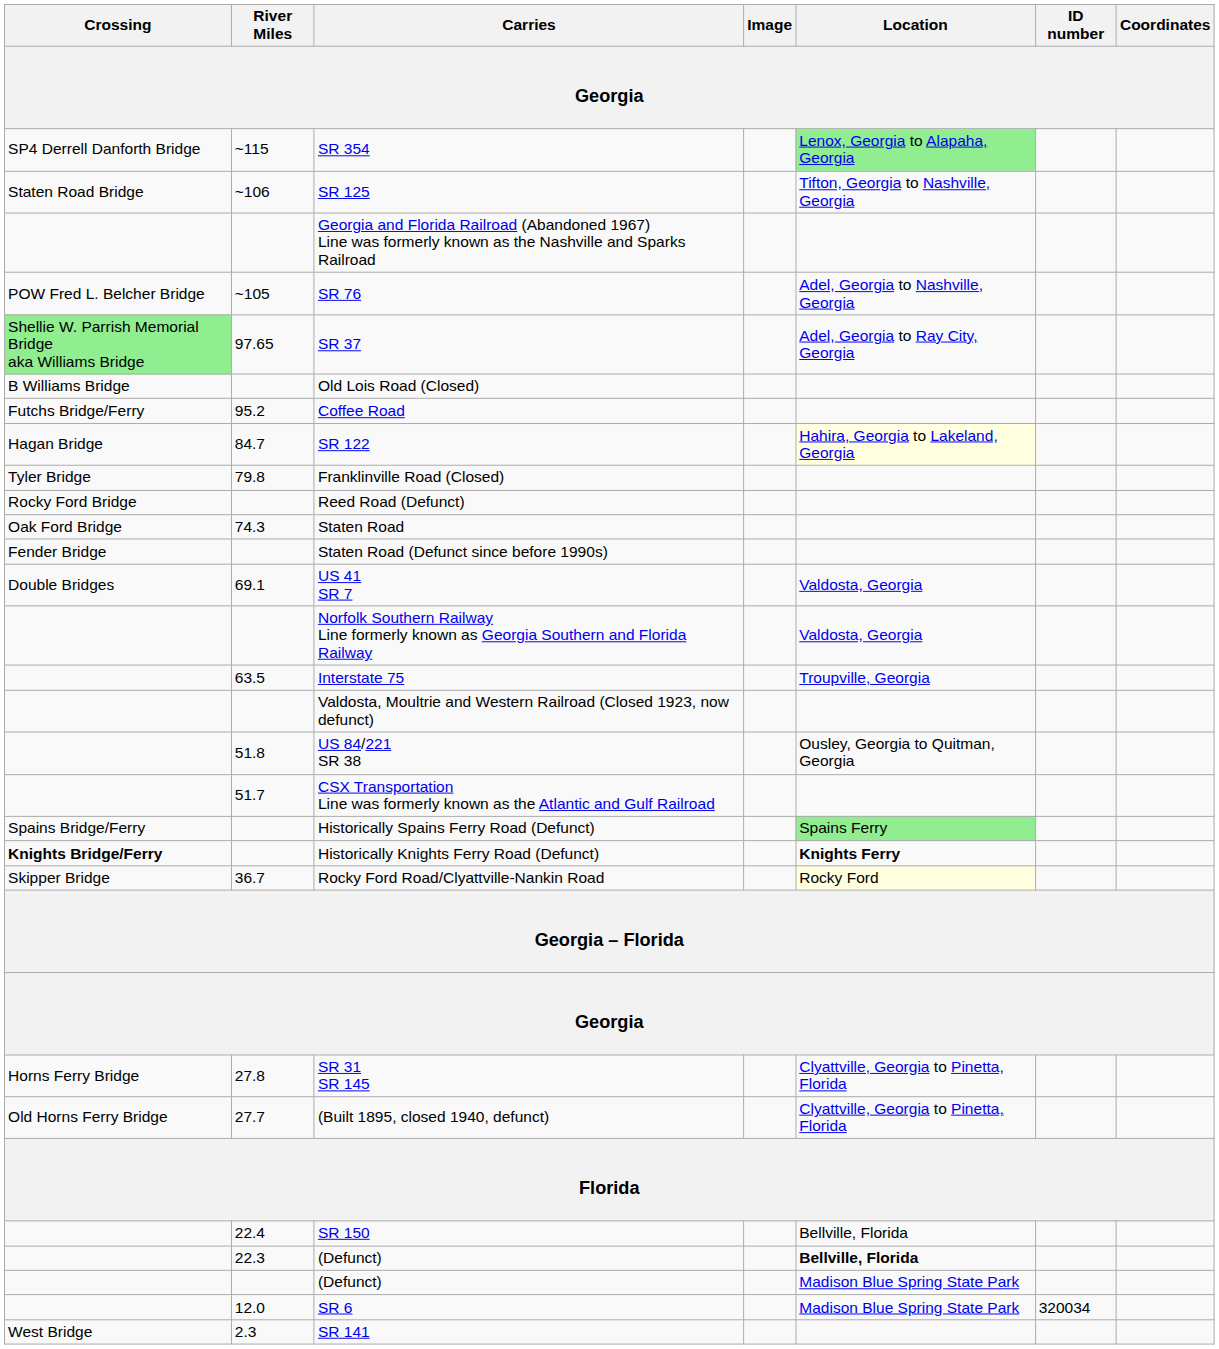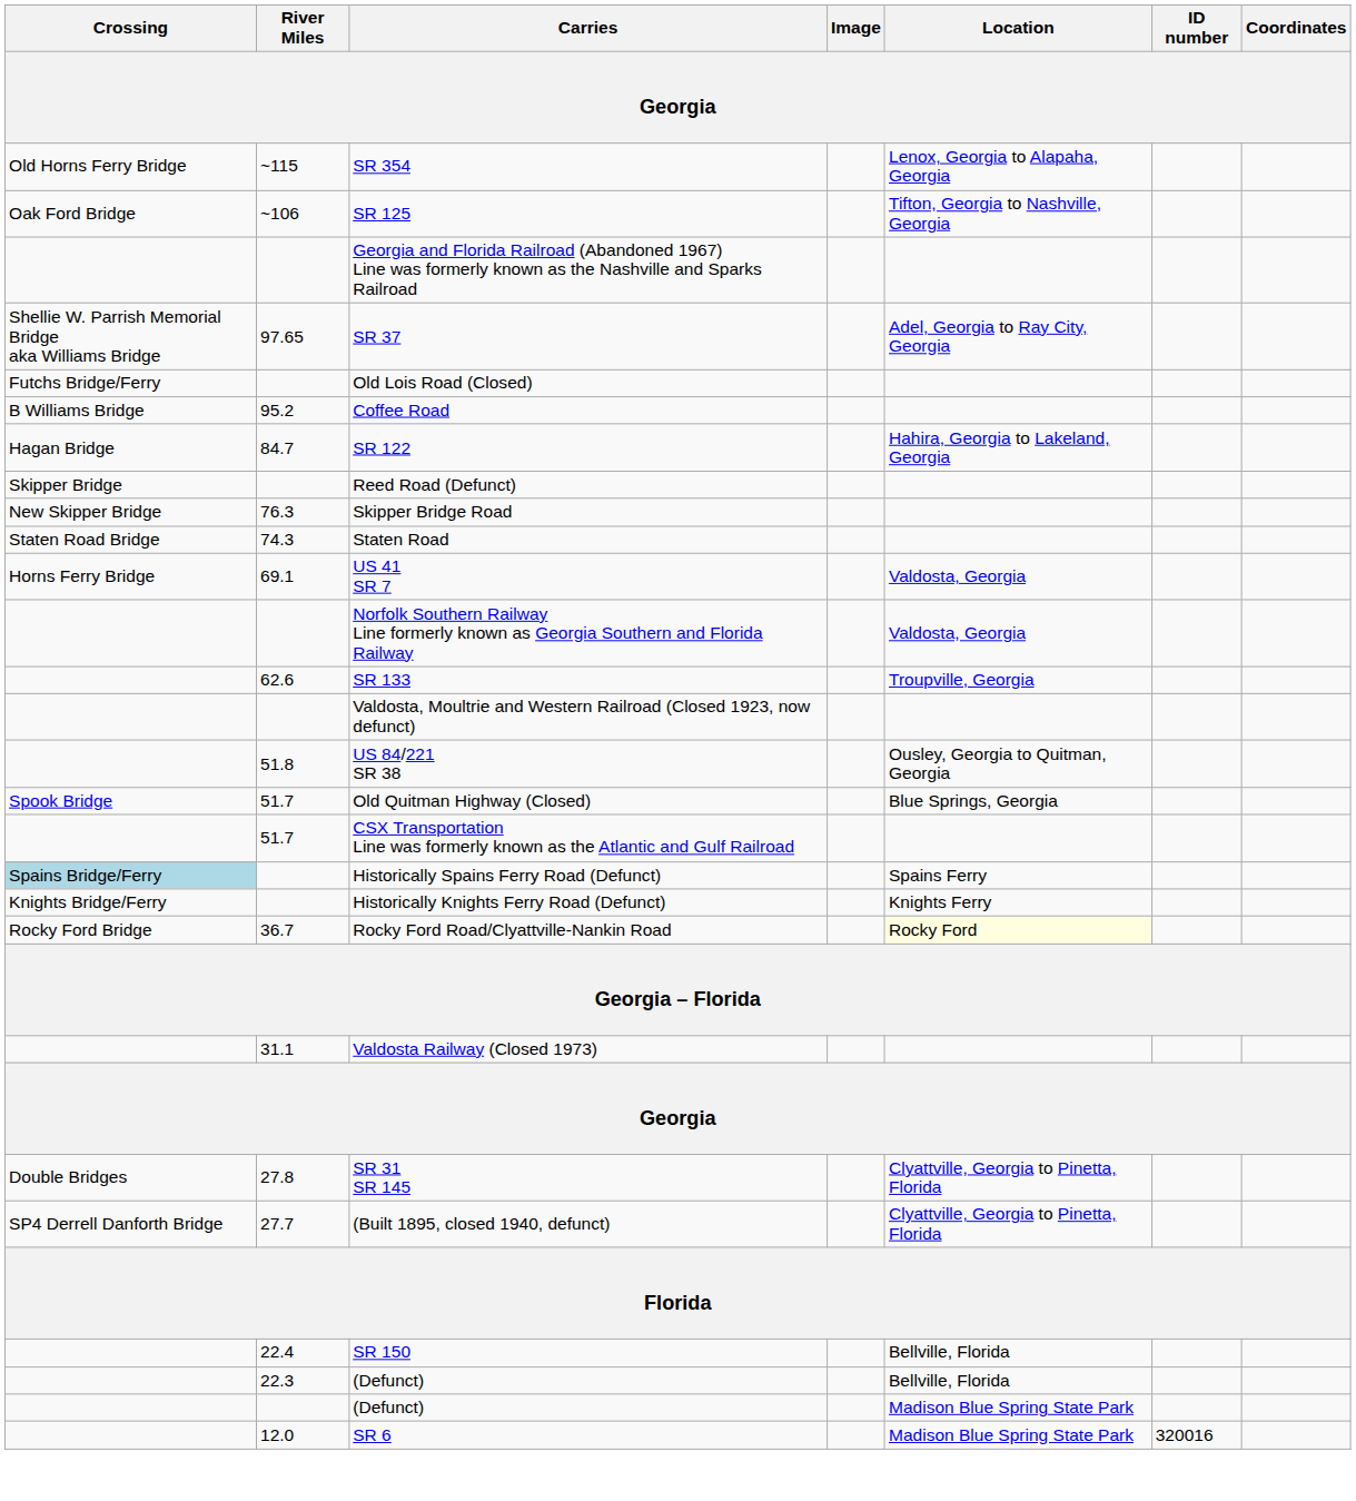 <table class=wikitable>
 <tr>
 <th>Crossing</th>
 <th>River Miles</th>
 <th>Carries</th>
 <th>Image</th>
 <th>Location</th>
 <th>ID number</th>
 <th>Coordinates</th>
 </tr>
 <tr>
 <th colspan=7><br><h3>Georgia</h3></th>
 </tr>
 <tr>
-<td>SP4 Derrell Danforth Bridge</td>
+<td>Old Horns Ferry Bridge</td>
 <td>~115</td>
 <td> <a href='#'>SR 354</a></td>
 <td></td>
-<td style="background: lightgreen;"><a href='#'>Lenox, Georgia</a> to <a href='#'>Alapaha, Georgia</a></td>
+<td><a href='#'>Lenox, Georgia</a> to <a href='#'>Alapaha, Georgia</a></td>
 <td></td>
 <td></td>
 </tr>
 <tr>
-<td>Staten Road Bridge</td>
+<td>Oak Ford Bridge</td>
 <td>~106</td>
 <td> <a href='#'>SR 125</a></td>
 <td></td>
 <td><a href='#'>Tifton, Georgia</a> to <a href='#'>Nashville, Georgia</a></td>
 <td></td>
 <td></td>
 </tr>
 <tr>
 <td></td>
 <td></td>
 <td><a href='#'>Georgia and Florida Railroad</a> (Abandoned 1967) <br> Line was formerly known as the Nashville and Sparks Railroad</td>
 <td></td>
 <td></td>
 <td></td>
 <td></td>
 </tr>
 <tr>
-<td>POW Fred L. Belcher Bridge</td>
-<td>~105</td>
-<td> <a href='#'>SR 76</a></td>
-<td></td>
-<td><a href='#'>Adel, Georgia</a> to <a href='#'>Nashville, Georgia</a></td>
-<td></td>
-<td></td>
-</tr>
-<tr>
-<td style="background: lightgreen;">Shellie W. Parrish Memorial Bridge <br> aka Williams Bridge</td>
+<td>Shellie W. Parrish Memorial Bridge <br> aka Williams Bridge</td>
 <td>97.65</td>
 <td> <a href='#'>SR 37</a> <br></td>
 <td></td>
 <td><a href='#'>Adel, Georgia</a> to <a href='#'>Ray City, Georgia</a></td>
 <td></td>
 <td></td>
 </tr>
 <tr>
-<td>B Williams Bridge</td>
+<td>Futchs Bridge/Ferry</td>
 <td></td>
 <td>Old Lois Road (Closed)</td>
 <td></td>
 <td></td>
 <td></td>
 <td></td>
 </tr>
 <tr>
-<td>Futchs Bridge/Ferry</td>
+<td>B Williams Bridge</td>
 <td>95.2</td>
 <td><a href='#'>Coffee Road</a></td>
 <td></td>
 <td></td>
 <td></td>
 <td></td>
 </tr>
 <tr>
 <td>Hagan Bridge</td>
 <td>84.7</td>
 <td> <a href='#'>SR 122</a></td>
 <td></td>
-<td style="background: lightyellow;"><a href='#'>Hahira, Georgia</a> to <a href='#'>Lakeland, Georgia</a></td>
+<td><a href='#'>Hahira, Georgia</a> to <a href='#'>Lakeland, Georgia</a></td>
 <td></td>
 <td></td>
 </tr>
 <tr>
-<td>Tyler Bridge</td>
-<td>79.8</td>
-<td>Franklinville Road (Closed)</td>
-<td></td>
-<td></td>
-<td></td>
-<td></td>
-</tr>
-<tr>
-<td>Rocky Ford Bridge</td>
+<td>Skipper Bridge</td>
 <td></td>
 <td>Reed Road (Defunct)</td>
 <td></td>
 <td></td>
 <td></td>
 <td></td>
 </tr>
 <tr>
-<td>Oak Ford Bridge</td>
+<td>New Skipper Bridge</td>
+<td>76.3</td>
+<td>Skipper Bridge Road</td>
+<td></td>
+<td></td>
+<td></td>
+<td></td>
+</tr>
+<tr>
+<td>Staten Road Bridge</td>
 <td>74.3</td>
 <td>Staten Road</td>
 <td></td>
 <td></td>
 <td></td>
 <td></td>
 </tr>
 <tr>
-<td>Fender Bridge</td>
-<td></td>
-<td>Staten Road (Defunct since before 1990s)</td>
-<td></td>
-<td></td>
-<td></td>
-<td></td>
-</tr>
-<tr>
-<td>Double Bridges</td>
+<td>Horns Ferry Bridge</td>
 <td>69.1</td>
 <td> <a href='#'>US 41</a> <br>  <a href='#'>SR 7</a></td>
 <td></td>
 <td><a href='#'>Valdosta, Georgia</a></td>
 <td></td>
 <td></td>
 </tr>
 <tr>
 <td></td>
 <td></td>
 <td><a href='#'>Norfolk Southern Railway</a> <br>Line formerly known as <a href='#'>Georgia Southern and Florida Railway</a></td>
 <td></td>
 <td><a href='#'>Valdosta, Georgia</a></td>
 <td></td>
 <td></td>
 </tr>
 <tr>
 <td></td>
-<td>63.5</td>
-<td> <a href='#'>Interstate 75</a></td>
+<td>62.6</td>
+<td> <a href='#'>SR 133</a></td>
 <td></td>
 <td><a href='#'>Troupville, Georgia</a></td>
 <td></td>
 <td></td>
 </tr>
 <tr>
 <td></td>
 <td></td>
 <td>Valdosta, Moultrie and Western Railroad (Closed 1923, now defunct)</td>
 <td></td>
 <td></td>
 <td></td>
 <td></td>
 </tr>
 <tr>
 <td></td>
 <td>51.8</td>
 <td><a href='#'>US 84</a>/<a href='#'>221</a> <br> SR 38</td>
 <td></td>
 <td>Ousley, Georgia to Quitman, Georgia</td>
 <td></td>
 <td></td>
 </tr>
 <tr>
+<td><a href='#'>Spook Bridge</a></td>
+<td>51.7</td>
+<td>Old Quitman Highway (Closed)</td>
+<td></td>
+<td>Blue Springs, Georgia</td>
+<td></td>
+<td></td>
+</tr>
+<tr>
 <td></td>
 <td>51.7</td>
 <td><a href='#'>CSX Transportation</a> <br>Line was formerly known as the <a href='#'>Atlantic and Gulf Railroad</a></td>
 <td></td>
 <td></td>
 <td></td>
 <td></td>
 </tr>
 <tr>
-<td>Spains Bridge/Ferry</td>
+<td style="background: lightblue;">Spains Bridge/Ferry</td>
 <td></td>
 <td>Historically Spains Ferry Road (Defunct)</td>
 <td></td>
-<td style="background: lightgreen;">Spains Ferry</td>
+<td>Spains Ferry</td>
 <td></td>
 <td></td>
 </tr>
 <tr>
-<td><strong>Knights Bridge/Ferry</strong></td>
+<td>Knights Bridge/Ferry</td>
 <td></td>
 <td>Historically Knights Ferry Road (Defunct)</td>
 <td></td>
-<td><strong>Knights Ferry</strong></td>
+<td>Knights Ferry</td>
 <td></td>
 <td></td>
 </tr>
 <tr>
-<td>Skipper Bridge</td>
+<td>Rocky Ford Bridge</td>
 <td>36.7</td>
 <td>Rocky Ford Road/Clyattville-Nankin Road</td>
 <td></td>
 <td style="background: lightyellow;">Rocky Ford</td>
 <td></td>
 <td></td>
 </tr>
 <tr>
 <th colspan=7><br><h3>Georgia – Florida</h3></th>
 </tr>
 <tr>
+<td></td>
+<td>31.1</td>
+<td><a href='#'>Valdosta Railway</a> (Closed 1973)</td>
+<td></td>
+<td></td>
+<td></td>
+<td></td>
+</tr>
+<tr>
 <th colspan=7><br><h3>Georgia</h3></th>
 </tr>
 <tr>
-<td>Horns Ferry Bridge</td>
+<td>Double Bridges</td>
 <td>27.8</td>
 <td> <a href='#'>SR 31</a><br> <a href='#'>SR 145</a></td>
 <td></td>
 <td><a href='#'>Clyattville, Georgia</a> to <a href='#'>Pinetta, Florida</a></td>
 <td></td>
 <td></td>
 </tr>
 <tr>
-<td>Old Horns Ferry Bridge</td>
+<td>SP4 Derrell Danforth Bridge</td>
 <td>27.7</td>
 <td>(Built 1895, closed 1940, defunct)</td>
 <td></td>
 <td><a href='#'>Clyattville, Georgia</a> to <a href='#'>Pinetta, Florida</a></td>
 <td></td>
 <td></td>
 </tr>
 <tr>
 <th colspan=7><br><h3>Florida</h3></th>
 </tr>
 <tr>
 <td></td>
 <td>22.4</td>
 <td> <a href='#'>SR 150</a></td>
 <td></td>
 <td>Bellville, Florida</td>
 <td></td>
 <td></td>
 </tr>
 <tr>
 <td></td>
 <td>22.3</td>
 <td>(Defunct)</td>
 <td></td>
-<td><strong>Bellville, Florida</strong></td>
+<td>Bellville, Florida</td>
 <td></td>
 <td></td>
 </tr>
 <tr>
 <td></td>
 <td></td>
 <td>(Defunct)</td>
 <td></td>
 <td><a href='#'>Madison Blue Spring State Park</a></td>
 <td></td>
 <td></td>
 </tr>
 <tr>
 <td></td>
 <td>12.0</td>
 <td> <a href='#'>SR 6</a></td>
 <td></td>
 <td><a href='#'>Madison Blue Spring State Park</a></td>
-<td>320034</td>
-<td></td>
-</tr>
-<tr>
-<td>West Bridge</td>
-<td>2.3</td>
-<td> <a href='#'>SR 141</a></td>
-<td></td>
-<td></td>
-<td></td>
+<td>320016</td>
 <td></td>
 </tr>
 </table>
